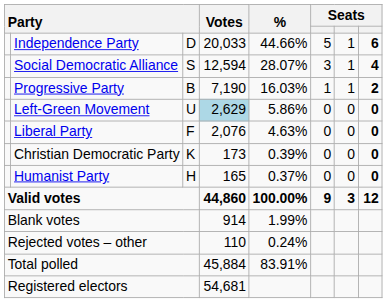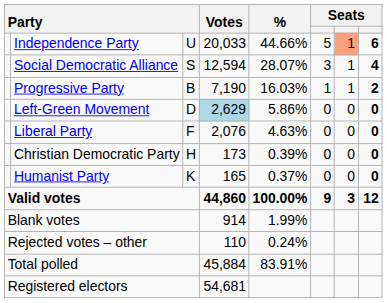 <table class="wikitable" border="1" style="text-align:right;">
 <tr>
 <th style="text-align:left;" valign=bottom rowspan=2 colspan=3>Party</th>
 <th align=center valign=bottom rowspan=2 width="50">Votes</th>
 <th align=center valign=bottom rowspan=2 width="50">%</th>
 <th colspan=3>Seats</th>
 </tr>
 <tr>
 <th align=center valign=bottom width="20"><small></small></th>
 <th align=center valign=bottom width="20"><small><a href='#'></a></small></th>
 <th align=center valign=bottom width="20"><small></small></th>
 </tr>
 <tr>
 <td></td>
 <td align=left><a href='#'>Independence Party</a></td>
-<td align=left>D</td>
+<td align=left>U</td>
 <td>20,033</td>
 <td>44.66%</td>
 <td>5</td>
-<td>1</td>
+<td style="background: lightsalmon;">1</td>
 <td><strong>6</strong></td>
 </tr>
 <tr>
 <td></td>
 <td align=left><a href='#'>Social Democratic Alliance</a></td>
 <td align=left>S</td>
 <td>12,594</td>
 <td>28.07%</td>
 <td>3</td>
 <td>1</td>
 <td><strong>4</strong></td>
 </tr>
 <tr>
 <td></td>
 <td align=left><a href='#'>Progressive Party</a></td>
 <td align=left>B</td>
 <td>7,190</td>
 <td>16.03%</td>
 <td>1</td>
 <td>1</td>
 <td><strong>2</strong></td>
 </tr>
 <tr>
 <td></td>
 <td align=left><a href='#'>Left-Green Movement</a></td>
-<td align=left>U</td>
+<td align=left>D</td>
 <td style="background: lightblue;">2,629</td>
 <td>5.86%</td>
 <td>0</td>
 <td>0</td>
 <td><strong>0</strong></td>
 </tr>
 <tr>
 <td></td>
 <td align=left><a href='#'>Liberal Party</a></td>
 <td align=left>F</td>
 <td>2,076</td>
 <td>4.63%</td>
 <td>0</td>
 <td>0</td>
 <td><strong>0</strong></td>
 </tr>
 <tr>
 <td></td>
 <td align=left>Christian Democratic Party</td>
-<td align=left>K</td>
+<td align=left>H</td>
 <td>173</td>
 <td>0.39%</td>
 <td>0</td>
 <td>0</td>
 <td><strong>0</strong></td>
 </tr>
 <tr>
 <td></td>
 <td align=left><a href='#'>Humanist Party</a></td>
-<td align=left>H</td>
+<td align=left>K</td>
 <td>165</td>
 <td>0.37%</td>
 <td>0</td>
 <td>0</td>
 <td><strong>0</strong></td>
 </tr>
 <tr style="font-weight:bold">
 <td align=left colspan=3>Valid votes</td>
 <td>44,860</td>
 <td>100.00%</td>
 <td>9</td>
 <td>3</td>
 <td>12</td>
 </tr>
 <tr>
 <td align=left colspan=3>Blank votes</td>
 <td>914</td>
 <td>1.99%</td>
 <td></td>
 <td></td>
 <td></td>
 </tr>
 <tr>
 <td align=left colspan=3>Rejected votes – other</td>
 <td>110</td>
 <td>0.24%</td>
 <td></td>
 <td></td>
 <td></td>
 </tr>
 <tr>
 <td align=left colspan=3>Total polled</td>
 <td>45,884</td>
 <td>83.91%</td>
 <td></td>
 <td></td>
 <td></td>
 </tr>
 <tr>
 <td align=left colspan=3>Registered electors</td>
 <td>54,681</td>
 <td></td>
 <td></td>
 <td></td>
 <td></td>
 </tr>
 </table>
